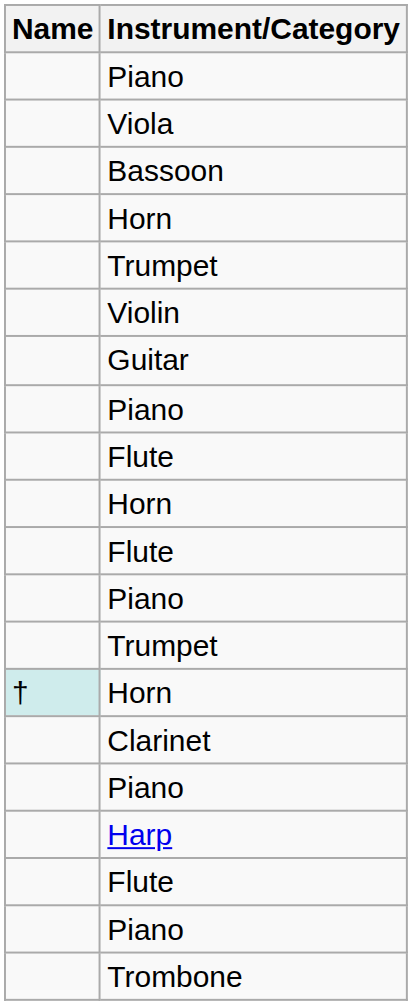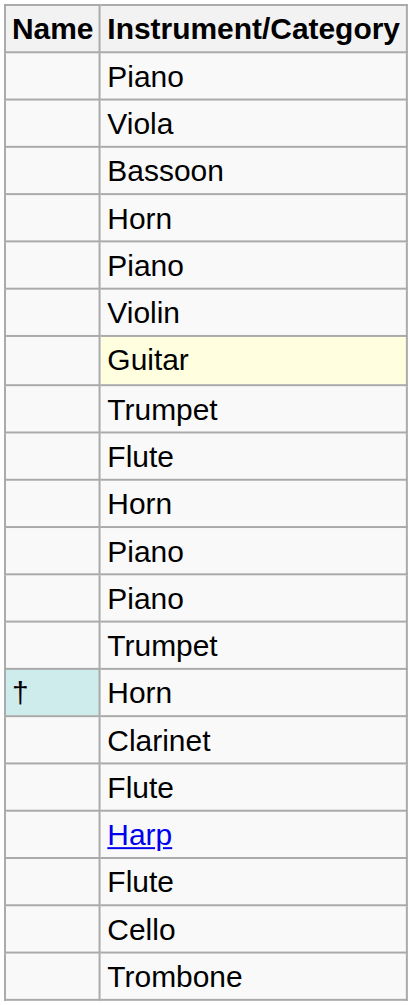 <table class="wikitable sortable" style="font-size: 95%">
 <tr>
 <th>Name</th>
 <th>Instrument/Category</th>
 </tr>
 <tr>
 <td></td>
 <td>Piano</td>
 </tr>
 <tr>
 <td></td>
 <td>Viola</td>
 </tr>
 <tr>
 <td></td>
 <td>Bassoon</td>
 </tr>
 <tr>
 <td></td>
 <td>Horn</td>
 </tr>
 <tr>
 <td><strong></strong></td>
-<td>Trumpet</td>
+<td>Piano</td>
 </tr>
 <tr>
 <td></td>
 <td>Violin</td>
 </tr>
 <tr>
 <td></td>
-<td>Guitar</td>
+<td style="background: lightyellow;">Guitar</td>
 </tr>
 <tr>
 <td></td>
-<td>Piano</td>
+<td>Trumpet</td>
 </tr>
 <tr>
 <td></td>
 <td>Flute</td>
 </tr>
 <tr>
 <td></td>
 <td>Horn</td>
 </tr>
 <tr>
 <td></td>
-<td>Flute</td>
+<td>Piano</td>
 </tr>
 <tr>
 <td></td>
 <td>Piano</td>
 </tr>
 <tr>
 <td></td>
 <td>Trumpet</td>
 </tr>
 <tr>
 <td bgcolor="#CFECEC"><strong></strong>†</td>
 <td>Horn</td>
 </tr>
 <tr>
 <td></td>
 <td>Clarinet</td>
 </tr>
 <tr>
 <td><strong></strong></td>
-<td>Piano</td>
+<td>Flute</td>
 </tr>
 <tr>
 <td></td>
 <td><a href='#'>Harp</a></td>
 </tr>
 <tr>
 <td></td>
 <td>Flute</td>
 </tr>
 <tr>
 <td><strong></strong></td>
-<td>Piano</td>
+<td>Cello</td>
 </tr>
 <tr>
 <td></td>
 <td>Trombone</td>
 </tr>
 </table>
